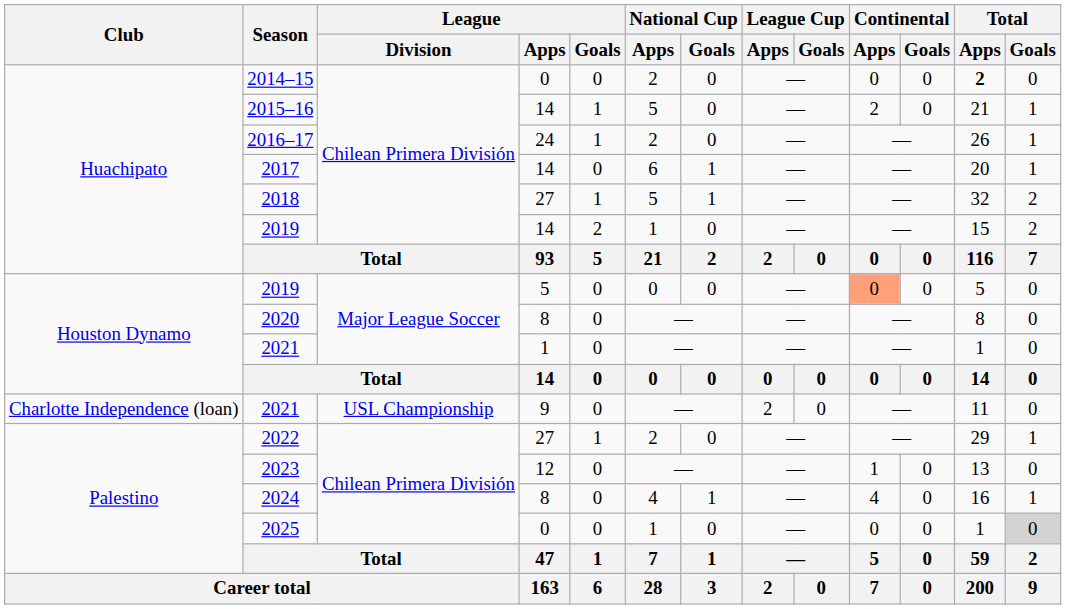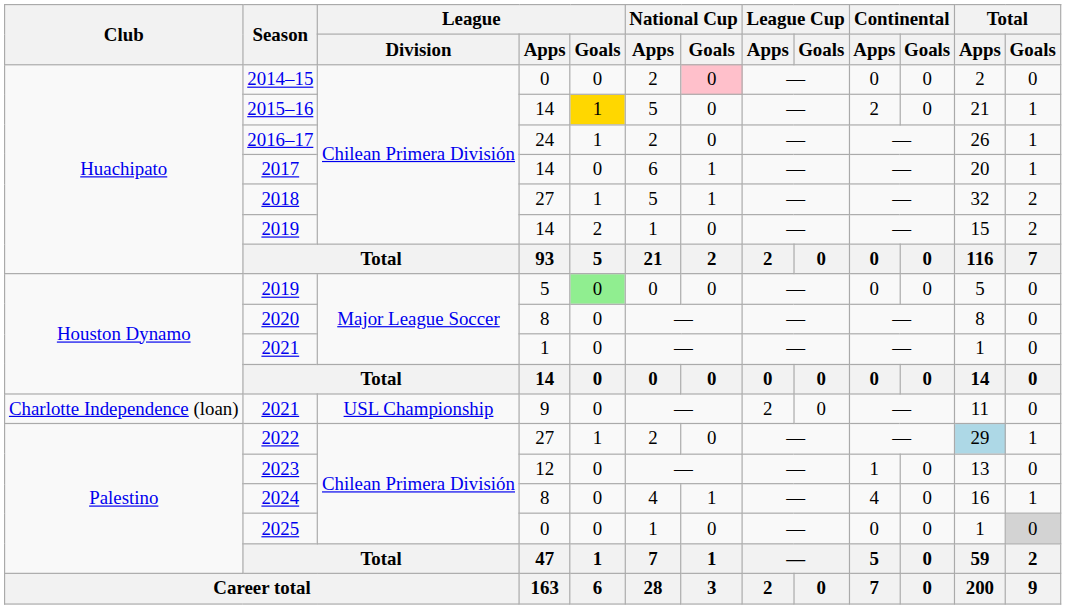 <table class="wikitable" style="text-align:center">
 <tr>
 <th rowspan="2">Club</th>
 <th rowspan="2">Season</th>
 <th colspan="3">League</th>
 <th colspan="2">National Cup</th>
 <th colspan="2">League Cup</th>
 <th colspan="2">Continental</th>
 <th colspan="2">Total</th>
 </tr>
 <tr>
 <th>Division</th>
 <th>Apps</th>
 <th>Goals</th>
 <th>Apps</th>
 <th>Goals</th>
 <th>Apps</th>
 <th>Goals</th>
 <th>Apps</th>
 <th>Goals</th>
 <th>Apps</th>
 <th>Goals</th>
 </tr>
 <tr>
 <td rowspan="7"><a href='#'>Huachipato</a></td>
 <td><a href='#'>2014–15</a></td>
 <td rowspan="6"><a href='#'>Chilean Primera División</a></td>
 <td>0</td>
 <td>0</td>
 <td>2</td>
-<td>0</td>
+<td style="background: pink;">0</td>
 <td colspan="2">—</td>
 <td>0</td>
 <td>0</td>
-<td><strong>2</strong></td>
+<td>2</td>
 <td>0</td>
 </tr>
 <tr>
 <td><a href='#'>2015–16</a></td>
 <td>14</td>
-<td>1</td>
+<td style="background: gold;">1</td>
 <td>5</td>
 <td>0</td>
 <td colspan="2">—</td>
 <td>2</td>
 <td>0</td>
 <td>21</td>
 <td>1</td>
 </tr>
 <tr>
 <td><a href='#'>2016–17</a></td>
 <td>24</td>
 <td>1</td>
 <td>2</td>
 <td>0</td>
 <td colspan="2">—</td>
 <td colspan="2">—</td>
 <td>26</td>
 <td>1</td>
 </tr>
 <tr>
 <td><a href='#'>2017</a></td>
 <td>14</td>
 <td>0</td>
 <td>6</td>
 <td>1</td>
 <td colspan="2">—</td>
 <td colspan="2">—</td>
 <td>20</td>
 <td>1</td>
 </tr>
 <tr>
 <td><a href='#'>2018</a></td>
 <td>27</td>
 <td>1</td>
 <td>5</td>
 <td>1</td>
 <td colspan="2">—</td>
 <td colspan="2">—</td>
 <td>32</td>
 <td>2</td>
 </tr>
 <tr>
 <td><a href='#'>2019</a></td>
 <td>14</td>
 <td>2</td>
 <td>1</td>
 <td>0</td>
 <td colspan="2">—</td>
 <td colspan="2">—</td>
 <td>15</td>
 <td>2</td>
 </tr>
 <tr>
 <th colspan="2">Total</th>
 <th>93</th>
 <th>5</th>
 <th>21</th>
 <th>2</th>
 <th>2</th>
 <th>0</th>
 <th>0</th>
 <th>0</th>
 <th>116</th>
 <th>7</th>
 </tr>
 <tr>
 <td rowspan="4"><a href='#'>Houston Dynamo</a></td>
 <td><a href='#'>2019</a></td>
 <td rowspan="3"><a href='#'>Major League Soccer</a></td>
 <td>5</td>
-<td>0</td>
+<td style="background: lightgreen;">0</td>
 <td>0</td>
 <td>0</td>
 <td colspan="2">—</td>
-<td style="background: lightsalmon;">0</td>
+<td>0</td>
 <td>0</td>
 <td>5</td>
 <td>0</td>
 </tr>
 <tr>
 <td><a href='#'>2020</a></td>
 <td>8</td>
 <td>0</td>
 <td colspan="2">—</td>
 <td colspan="2">—</td>
 <td colspan="2">—</td>
 <td>8</td>
 <td>0</td>
 </tr>
 <tr>
 <td><a href='#'>2021</a></td>
 <td>1</td>
 <td>0</td>
 <td colspan="2">—</td>
 <td colspan="2">—</td>
 <td colspan="2">—</td>
 <td>1</td>
 <td>0</td>
 </tr>
 <tr>
 <th colspan="2">Total</th>
 <th>14</th>
 <th>0</th>
 <th>0</th>
 <th>0</th>
 <th>0</th>
 <th>0</th>
 <th>0</th>
 <th>0</th>
 <th>14</th>
 <th>0</th>
 </tr>
 <tr>
 <td><a href='#'>Charlotte Independence</a> (loan)</td>
 <td><a href='#'>2021</a></td>
 <td><a href='#'>USL Championship</a></td>
 <td>9</td>
 <td>0</td>
 <td colspan="2">—</td>
 <td>2</td>
 <td>0</td>
 <td colspan="2">—</td>
 <td>11</td>
 <td>0</td>
 </tr>
 <tr>
 <td rowspan="5"><a href='#'>Palestino</a></td>
 <td><a href='#'>2022</a></td>
 <td rowspan="4"><a href='#'>Chilean Primera División</a></td>
 <td>27</td>
 <td>1</td>
 <td>2</td>
 <td>0</td>
 <td colspan="2">—</td>
 <td colspan="2">—</td>
-<td>29</td>
+<td style="background: lightblue;">29</td>
 <td>1</td>
 </tr>
 <tr>
 <td><a href='#'>2023</a></td>
 <td>12</td>
 <td>0</td>
 <td colspan="2">—</td>
 <td colspan="2">—</td>
 <td>1</td>
 <td>0</td>
 <td>13</td>
 <td>0</td>
 </tr>
 <tr>
 <td><a href='#'>2024</a></td>
 <td>8</td>
 <td>0</td>
 <td>4</td>
 <td>1</td>
 <td colspan="2">—</td>
 <td>4</td>
 <td>0</td>
 <td>16</td>
 <td>1</td>
 </tr>
 <tr>
 <td><a href='#'>2025</a></td>
 <td>0</td>
 <td>0</td>
 <td>1</td>
 <td>0</td>
 <td colspan="2">—</td>
 <td>0</td>
 <td>0</td>
 <td>1</td>
 <td style="background: lightgrey;">0</td>
 </tr>
 <tr>
 <th colspan="2">Total</th>
 <th>47</th>
 <th>1</th>
 <th>7</th>
 <th>1</th>
 <th colspan="2">—</th>
 <th>5</th>
 <th>0</th>
 <th>59</th>
 <th>2</th>
 </tr>
 <tr>
 <th colspan="3">Career total</th>
 <th>163</th>
 <th>6</th>
 <th>28</th>
 <th>3</th>
 <th>2</th>
 <th>0</th>
 <th>7</th>
 <th>0</th>
 <th>200</th>
 <th>9</th>
 </tr>
 </table>
